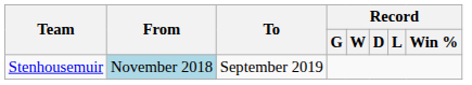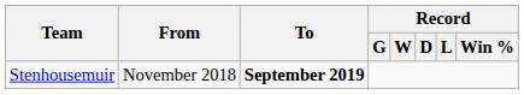 <table class="wikitable" style="text-align: center">
 <tr>
 <th rowspan="2">Team</th>
 <th rowspan="2">From</th>
 <th rowspan="2">To</th>
 <th colspan="5">Record</th>
 </tr>
 <tr>
 <th>G</th>
 <th>W</th>
 <th>D</th>
 <th>L</th>
 <th>Win %</th>
 </tr>
 <tr>
 <td align=left><a href='#'>Stenhousemuir</a></td>
-<td align=left style="background: lightblue;">November 2018</td>
-<td align=left>September 2019<br></td>
+<td align=left>November 2018</td>
+<td align=left><strong>September 2019<br></strong></td>
 </tr>
 </table>
